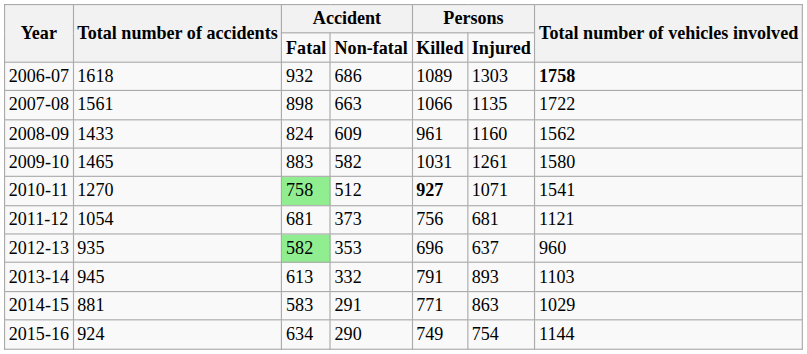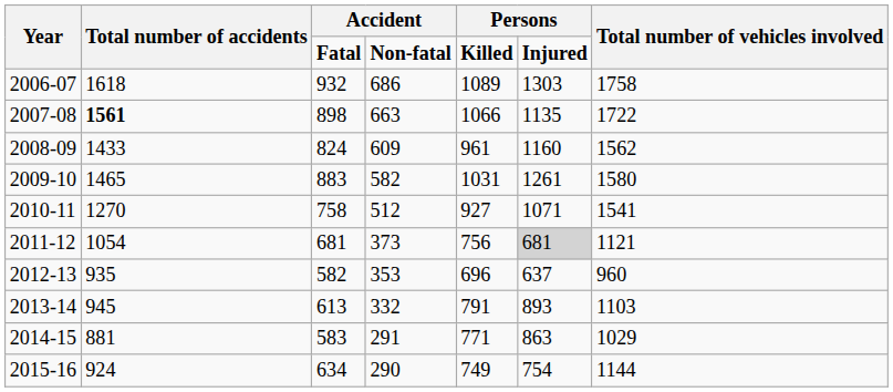 <table class="wikitable">
 <tr>
 <th rowspan="2">Year</th>
 <th rowspan="2">Total number of accidents</th>
 <th colspan="2">Accident</th>
 <th colspan="2">Persons</th>
 <th rowspan="2">Total number of vehicles involved</th>
 </tr>
 <tr>
 <td><strong>Fatal</strong></td>
 <td><strong>Non-fatal</strong></td>
 <td><strong>Killed</strong></td>
 <td><strong>Injured</strong></td>
 </tr>
 <tr>
 <td>2006-07</td>
 <td>1618</td>
 <td>932</td>
 <td>686</td>
 <td>1089</td>
 <td>1303</td>
-<td><strong>1758</strong></td>
+<td>1758</td>
 </tr>
 <tr>
 <td>2007-08</td>
-<td>1561</td>
+<td><strong>1561</strong></td>
 <td>898</td>
 <td>663</td>
 <td>1066</td>
 <td>1135</td>
 <td>1722</td>
 </tr>
 <tr>
 <td>2008-09</td>
 <td>1433</td>
 <td>824</td>
 <td>609</td>
 <td>961</td>
 <td>1160</td>
 <td>1562</td>
 </tr>
 <tr>
 <td>2009-10</td>
 <td>1465</td>
 <td>883</td>
 <td>582</td>
 <td>1031</td>
 <td>1261</td>
 <td>1580</td>
 </tr>
 <tr>
 <td>2010-11</td>
 <td>1270</td>
-<td style="background: lightgreen;">758</td>
+<td>758</td>
 <td>512</td>
-<td><strong>927</strong></td>
+<td>927</td>
 <td>1071</td>
 <td>1541</td>
 </tr>
 <tr>
 <td>2011-12</td>
 <td>1054</td>
 <td>681</td>
 <td>373</td>
 <td>756</td>
-<td>681</td>
+<td style="background: lightgrey;">681</td>
 <td>1121</td>
 </tr>
 <tr>
 <td>2012-13</td>
 <td>935</td>
-<td style="background: lightgreen;">582</td>
+<td>582</td>
 <td>353</td>
 <td>696</td>
 <td>637</td>
 <td>960</td>
 </tr>
 <tr>
 <td>2013-14</td>
 <td>945</td>
 <td>613</td>
 <td>332</td>
 <td>791</td>
 <td>893</td>
 <td>1103</td>
 </tr>
 <tr>
 <td>2014-15</td>
 <td>881</td>
 <td>583</td>
 <td>291</td>
 <td>771</td>
 <td>863</td>
 <td>1029</td>
 </tr>
 <tr>
 <td>2015-16</td>
 <td>924</td>
 <td>634</td>
 <td>290</td>
 <td>749</td>
 <td>754</td>
 <td>1144</td>
 </tr>
 </table>
